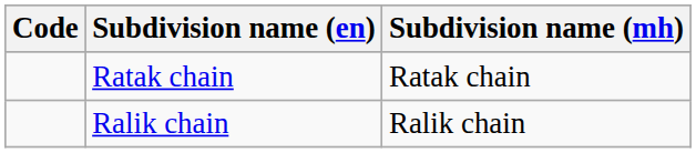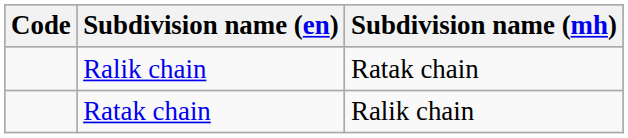 <table class="wikitable sortable">
 <tr>
 <th>Code</th>
 <th>Subdivision name (<a href='#'>en</a>)</th>
 <th>Subdivision name (<a href='#'>mh</a>)</th>
 </tr>
 <tr>
 <td></td>
-<td><a href='#'>Ratak chain</a></td>
+<td><a href='#'>Ralik chain</a></td>
 <td>Ratak chain</td>
 </tr>
 <tr>
 <td></td>
-<td><a href='#'>Ralik chain</a></td>
+<td><a href='#'>Ratak chain</a></td>
 <td>Ralik chain</td>
 </tr>
 </table>
